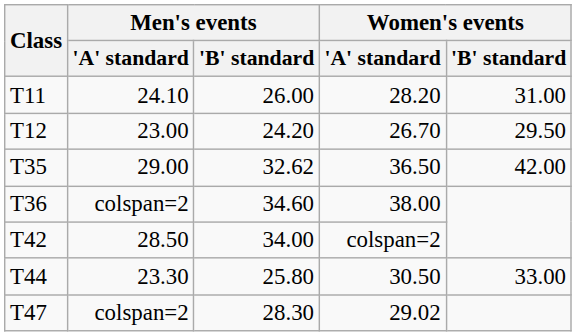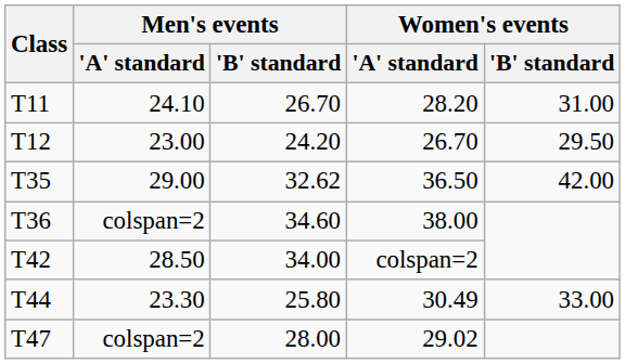 <table class="wikitable" style="text-align:right">
 <tr>
 <th rowspan="2">Class</th>
 <th colspan="2">Men's events</th>
 <th colspan="2">Women's events</th>
 </tr>
 <tr style="font-size:95%">
 <th>'A' standard</th>
 <th>'B' standard</th>
 <th>'A' standard</th>
 <th>'B' standard</th>
 </tr>
 <tr>
 <td style="text-align:left">T11</td>
 <td>24.10</td>
-<td>26.00</td>
+<td>26.70</td>
 <td>28.20</td>
 <td>31.00</td>
 </tr>
 <tr>
 <td style="text-align:left">T12</td>
 <td>23.00</td>
 <td>24.20</td>
 <td>26.70</td>
 <td>29.50</td>
 </tr>
 <tr>
 <td style="text-align:left">T35</td>
 <td>29.00</td>
 <td>32.62</td>
 <td>36.50</td>
 <td>42.00</td>
 </tr>
 <tr>
 <td style="text-align:left">T36</td>
 <td>colspan=2 </td>
 <td>34.60</td>
 <td>38.00</td>
 </tr>
 <tr>
 <td style="text-align:left">T42</td>
 <td>28.50</td>
 <td>34.00</td>
 <td>colspan=2 </td>
 </tr>
 <tr>
 <td style="text-align:left">T44</td>
 <td>23.30</td>
 <td>25.80</td>
-<td>30.50</td>
+<td>30.49</td>
 <td>33.00</td>
 </tr>
 <tr>
 <td style="text-align:left">T47</td>
 <td>colspan=2 </td>
-<td>28.30</td>
+<td>28.00</td>
 <td>29.02</td>
 </tr>
 </table>
